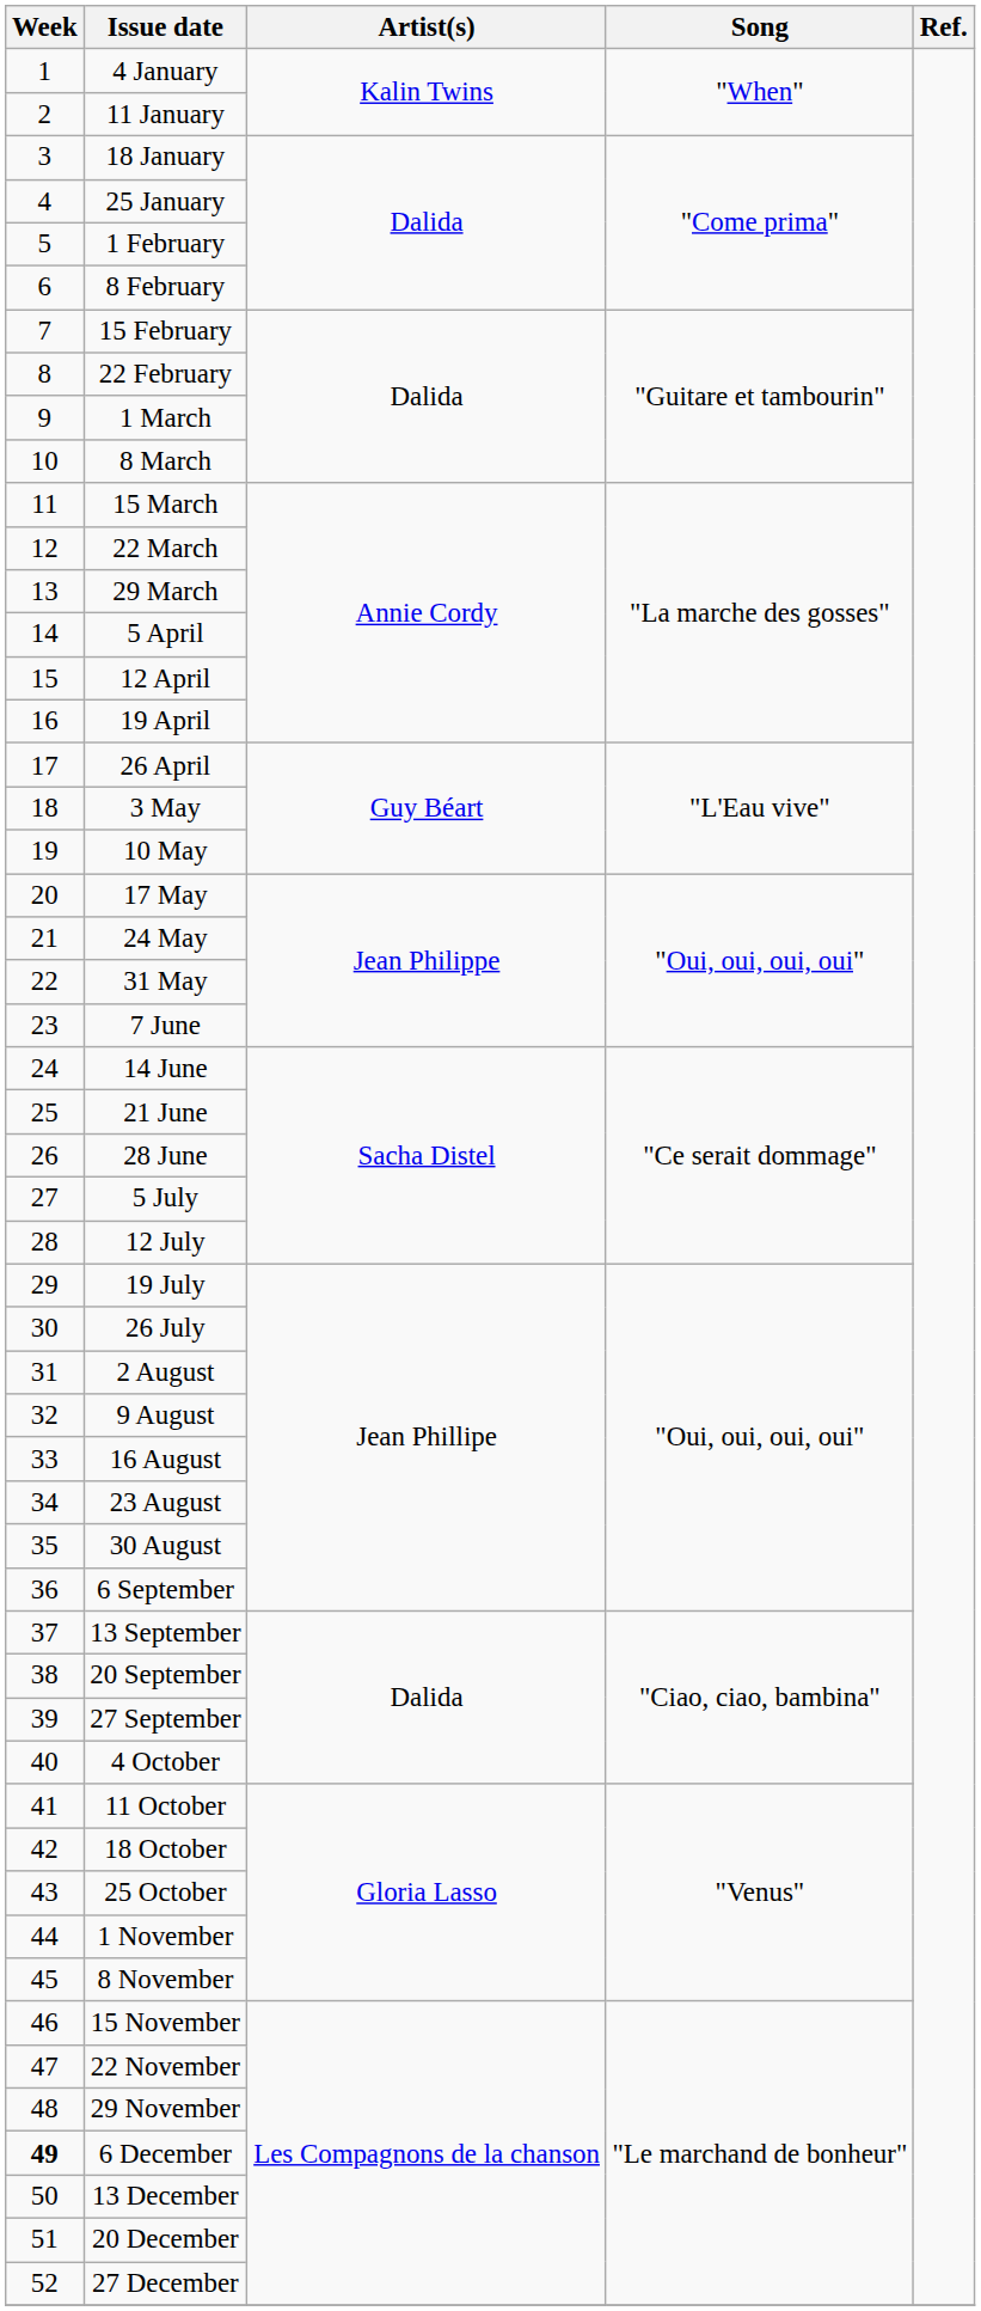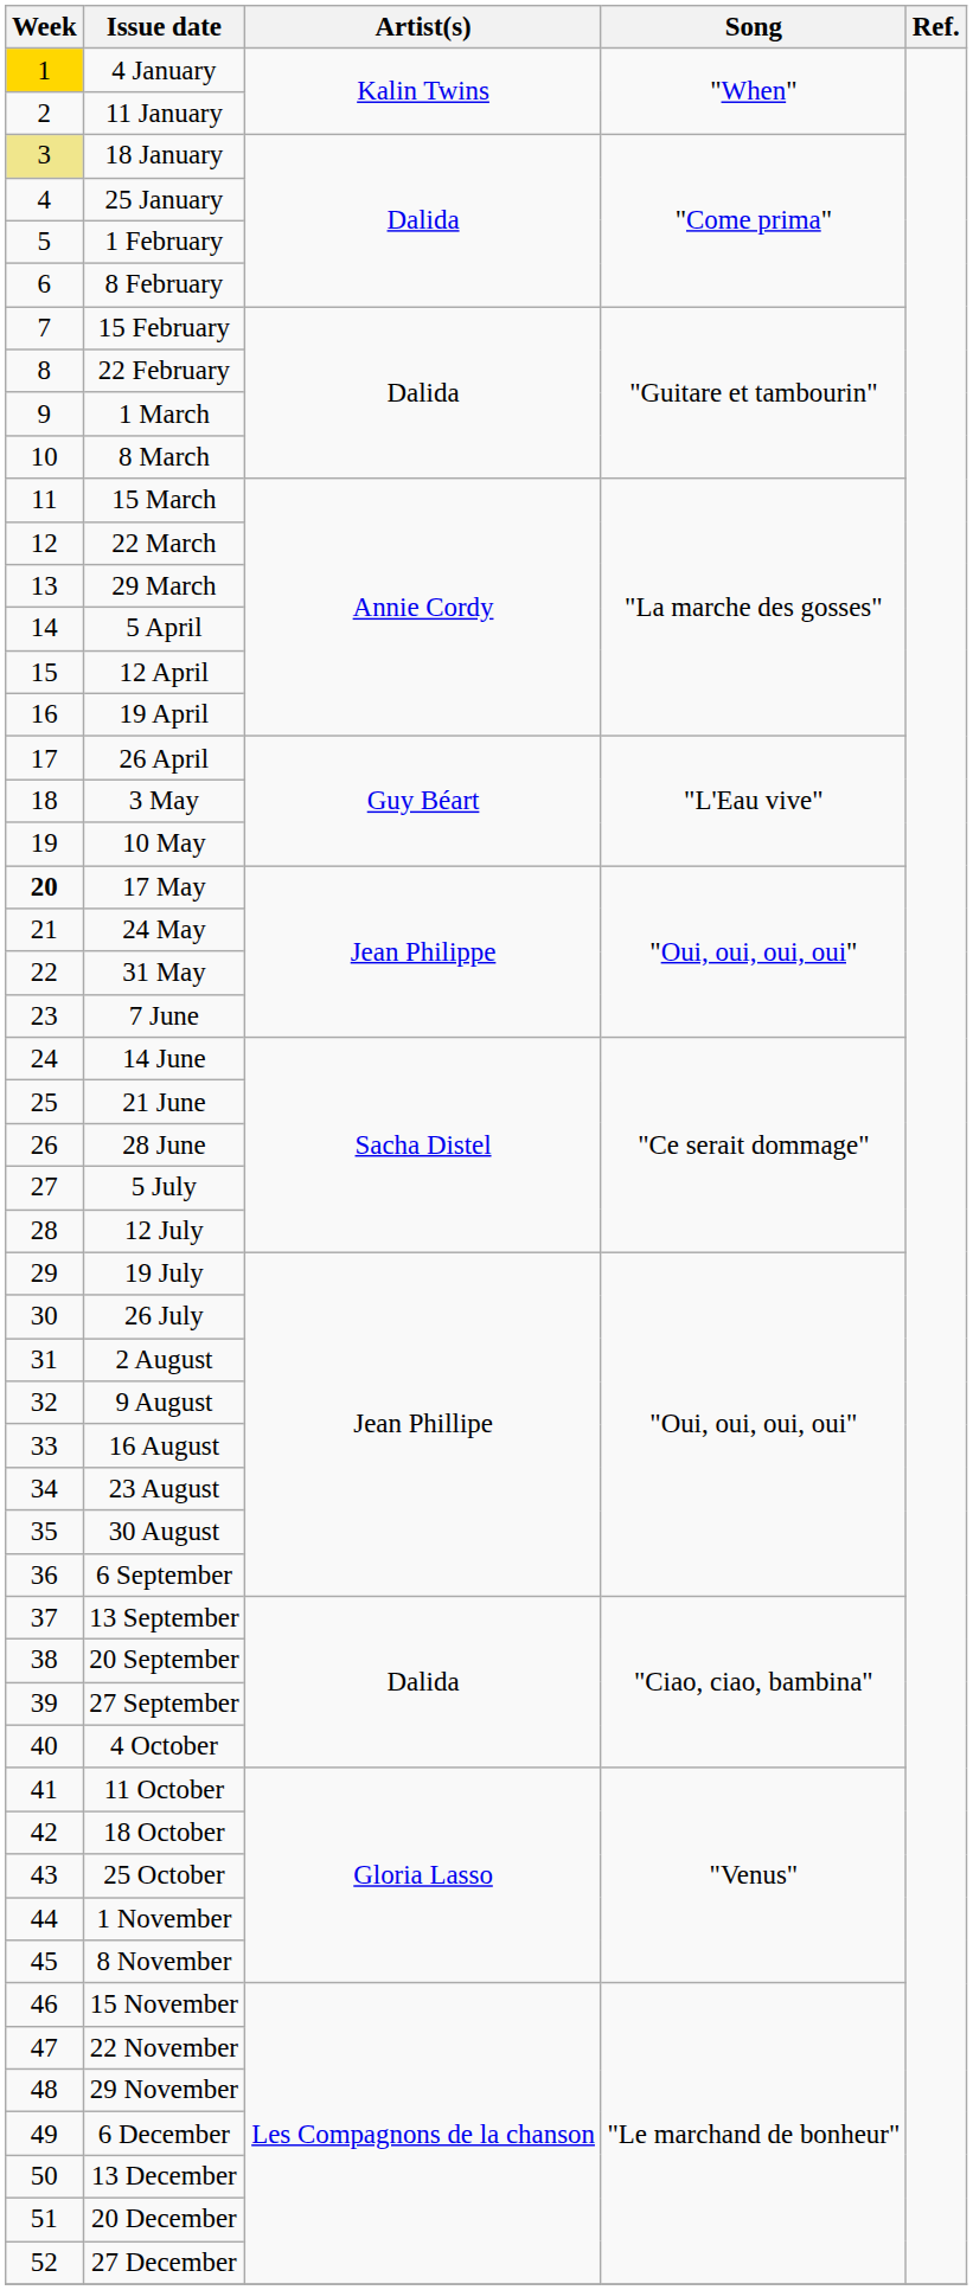 <table class="wikitable" style="text-align: center;">
 <tr>
 <th>Week</th>
 <th>Issue date</th>
 <th>Artist(s)</th>
 <th>Song</th>
 <th>Ref.</th>
 </tr>
 <tr>
-<td>1</td>
+<td style="background: gold;">1</td>
 <td>4 January</td>
 <td rowspan="2"><a href='#'>Kalin Twins</a></td>
 <td rowspan="2">"<a href='#'>When</a>"</td>
 <td rowspan="52"></td>
 </tr>
 <tr>
 <td>2</td>
 <td>11 January</td>
 </tr>
 <tr>
-<td>3</td>
+<td style="background: khaki;">3</td>
 <td>18 January</td>
 <td rowspan="4"><a href='#'>Dalida</a></td>
 <td rowspan="4">"<a href='#'>Come prima</a>"</td>
 </tr>
 <tr>
 <td>4</td>
 <td>25 January</td>
 </tr>
 <tr>
 <td>5</td>
 <td>1 February</td>
 </tr>
 <tr>
 <td>6</td>
 <td>8 February</td>
 </tr>
 <tr>
 <td>7</td>
 <td>15 February</td>
 <td rowspan="4">Dalida</td>
 <td rowspan="4">"Guitare et tambourin"</td>
 </tr>
 <tr>
 <td>8</td>
 <td>22 February</td>
 </tr>
 <tr>
 <td>9</td>
 <td>1 March</td>
 </tr>
 <tr>
 <td>10</td>
 <td>8 March</td>
 </tr>
 <tr>
 <td>11</td>
 <td>15 March</td>
 <td rowspan="6"><a href='#'>Annie Cordy</a></td>
 <td rowspan="6">"La marche des gosses"</td>
 </tr>
 <tr>
 <td>12</td>
 <td>22 March</td>
 </tr>
 <tr>
 <td>13</td>
 <td>29 March</td>
 </tr>
 <tr>
 <td>14</td>
 <td>5 April</td>
 </tr>
 <tr>
 <td>15</td>
 <td>12 April</td>
 </tr>
 <tr>
 <td>16</td>
 <td>19 April</td>
 </tr>
 <tr>
 <td>17</td>
 <td>26 April</td>
 <td rowspan="3"><a href='#'>Guy Béart</a></td>
 <td rowspan="3">"L'Eau vive"</td>
 </tr>
 <tr>
 <td>18</td>
 <td>3 May</td>
 </tr>
 <tr>
 <td>19</td>
 <td>10 May</td>
 </tr>
 <tr>
-<td>20</td>
+<td><strong>20</strong></td>
 <td>17 May</td>
 <td rowspan="4"><a href='#'>Jean Philippe</a></td>
 <td rowspan="4">"<a href='#'>Oui, oui, oui, oui</a>"</td>
 </tr>
 <tr>
 <td>21</td>
 <td>24 May</td>
 </tr>
 <tr>
 <td>22</td>
 <td>31 May</td>
 </tr>
 <tr>
 <td>23</td>
 <td>7 June</td>
 </tr>
 <tr>
 <td>24</td>
 <td>14 June</td>
 <td rowspan="5"><a href='#'>Sacha Distel</a></td>
 <td rowspan="5">"Ce serait dommage"</td>
 </tr>
 <tr>
 <td>25</td>
 <td>21 June</td>
 </tr>
 <tr>
 <td>26</td>
 <td>28 June</td>
 </tr>
 <tr>
 <td>27</td>
 <td>5 July</td>
 </tr>
 <tr>
 <td>28</td>
 <td>12 July</td>
 </tr>
 <tr>
 <td>29</td>
 <td>19 July</td>
 <td rowspan="8">Jean Phillipe</td>
 <td rowspan="8">"Oui, oui, oui, oui"</td>
 </tr>
 <tr>
 <td>30</td>
 <td>26 July</td>
 </tr>
 <tr>
 <td>31</td>
 <td>2 August</td>
 </tr>
 <tr>
 <td>32</td>
 <td>9 August</td>
 </tr>
 <tr>
 <td>33</td>
 <td>16 August</td>
 </tr>
 <tr>
 <td>34</td>
 <td>23 August</td>
 </tr>
 <tr>
 <td>35</td>
 <td>30 August</td>
 </tr>
 <tr>
 <td>36</td>
 <td>6 September</td>
 </tr>
 <tr>
 <td>37</td>
 <td>13 September</td>
 <td rowspan="4">Dalida</td>
 <td rowspan="4">"Ciao, ciao, bambina"</td>
 </tr>
 <tr>
 <td>38</td>
 <td>20 September</td>
 </tr>
 <tr>
 <td>39</td>
 <td>27 September</td>
 </tr>
 <tr>
 <td>40</td>
 <td>4 October</td>
 </tr>
 <tr>
 <td>41</td>
 <td>11 October</td>
 <td rowspan="5"><a href='#'>Gloria Lasso</a></td>
 <td rowspan="5">"Venus"</td>
 </tr>
 <tr>
 <td>42</td>
 <td>18 October</td>
 </tr>
 <tr>
 <td>43</td>
 <td>25 October</td>
 </tr>
 <tr>
 <td>44</td>
 <td>1 November</td>
 </tr>
 <tr>
 <td>45</td>
 <td>8 November</td>
 </tr>
 <tr>
 <td>46</td>
 <td>15 November</td>
 <td rowspan="7"><a href='#'>Les Compagnons de la chanson</a></td>
 <td rowspan="7">"Le marchand de bonheur"</td>
 </tr>
 <tr>
 <td>47</td>
 <td>22 November</td>
 </tr>
 <tr>
 <td>48</td>
 <td>29 November</td>
 </tr>
 <tr>
-<td><strong>49</strong></td>
+<td>49</td>
 <td>6 December</td>
 </tr>
 <tr>
 <td>50</td>
 <td>13 December</td>
 </tr>
 <tr>
 <td>51</td>
 <td>20 December</td>
 </tr>
 <tr>
 <td>52</td>
 <td>27 December</td>
 </tr>
 <tr>
 </tr>
 </table>
